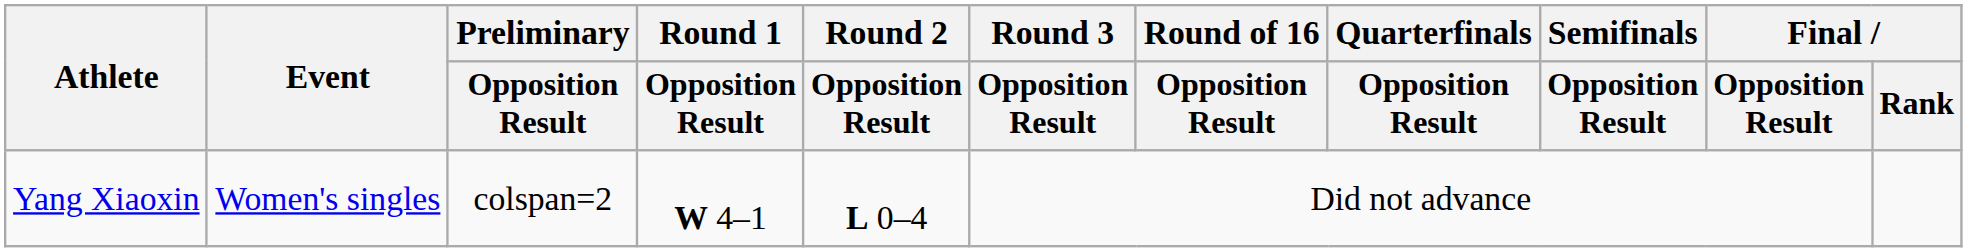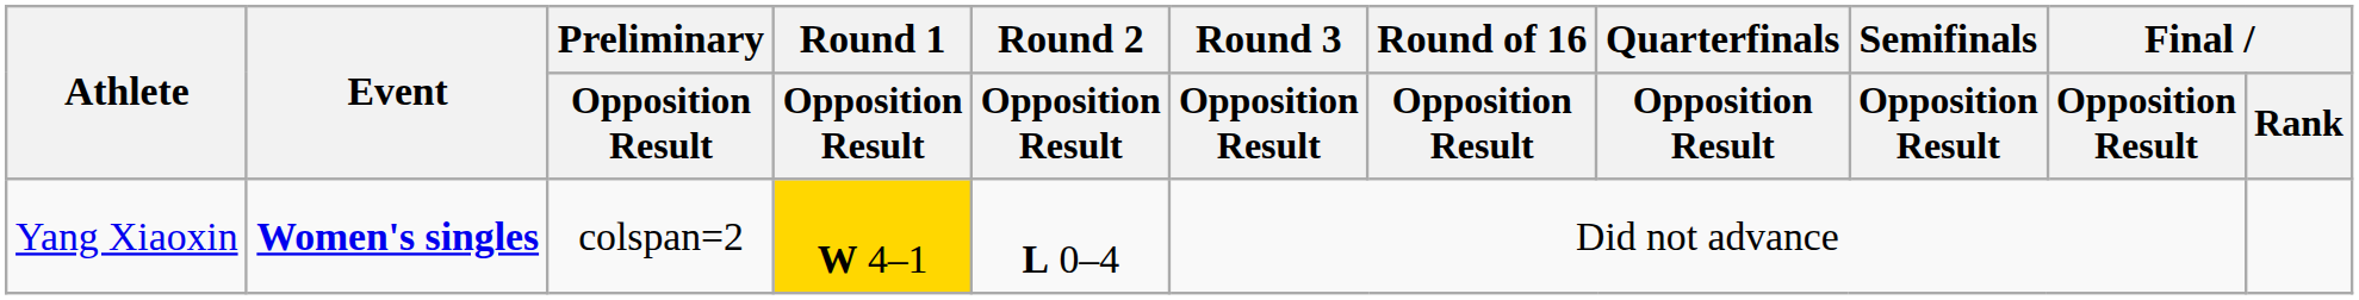 <table class="wikitable" style="font-size:90%;">
 <tr>
 <th rowspan=2>Athlete</th>
 <th rowspan=2>Event</th>
 <th>Preliminary</th>
 <th>Round 1</th>
 <th>Round 2</th>
 <th>Round 3</th>
 <th>Round of 16</th>
 <th>Quarterfinals</th>
 <th>Semifinals</th>
 <th colspan=2>Final / </th>
 </tr>
 <tr style="font-size:95%">
 <th>Opposition<br>Result</th>
 <th>Opposition<br>Result</th>
 <th>Opposition<br>Result</th>
 <th>Opposition<br>Result</th>
 <th>Opposition<br>Result</th>
 <th>Opposition<br>Result</th>
 <th>Opposition<br>Result</th>
 <th>Opposition<br>Result</th>
 <th>Rank</th>
 </tr>
 <tr align=center>
 <td align=left><a href='#'>Yang Xiaoxin</a></td>
-<td align=left><a href='#'>Women's singles</a></td>
+<td align=left><strong><a href='#'>Women's singles</a></strong></td>
 <td>colspan=2 </td>
-<td><br><strong>W</strong> 4–1</td>
+<td style="background: gold;"><br><strong>W</strong> 4–1</td>
 <td><br><strong>L</strong> 0–4</td>
 <td colspan=5>Did not advance</td>
 </tr>
 </table>
